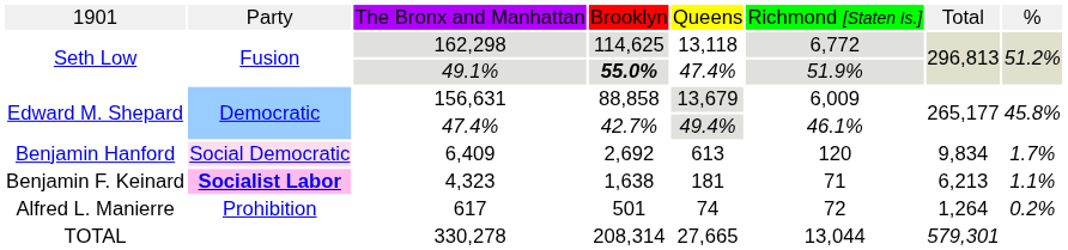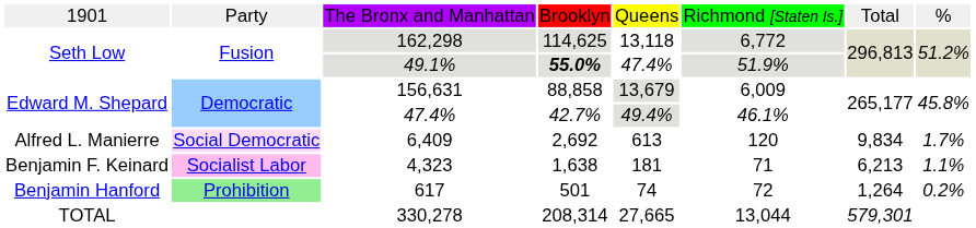 <table style="text-align:center;">
 <tr>
 <td style="background:#f0f0f0;">1901</td>
 <td style="background:#f0f0f0;">Party</td>
 <td style="background:#b000ff;">The Bronx and Manhattan</td>
 <td style="background:red;">Brooklyn</td>
 <td style="background:yellow;">Queens</td>
 <td style="background:lime;">Richmond <small><em>[Staten Is.]</em></small></td>
 <td style="background:#f0f0f0;">Total</td>
 <td style="background:#f0f0f0;">%</td>
 </tr>
 <tr>
 <td rowspan="2"><a href='#'>Seth Low</a></td>
 <td rowspan="2"><a href='#'>Fusion</a></td>
 <td style="background:#e0e0dd;">162,298</td>
 <td style="background:#e0e0dd;">114,625</td>
 <td>13,118</td>
 <td style="background:#e0e0dd;">6,772</td>
 <td rowspan="2" style="background:#e0e0cc;">296,813</td>
 <td rowspan="2" style="background:#e0e0cc;"><em>51.2%</em></td>
 </tr>
 <tr>
 <td style="background:#e0e0dd;"><em>49.1%</em></td>
 <td style="background:#e0e0dd;"><strong><em>55.0%</em></strong></td>
 <td><em>47.4%</em></td>
 <td style="background:#e0e0dd;"><em>51.9%</em></td>
 </tr>
 <tr>
 <td rowspan="2"><a href='#'>Edward M. Shepard</a></td>
 <td rowspan="2" style="background:#9cf;"><a href='#'>Democratic</a></td>
 <td>156,631</td>
 <td>88,858</td>
 <td style="background:#e0e0dd;">13,679</td>
 <td>6,009</td>
 <td rowspan="2">265,177</td>
 <td rowspan="2"><em>45.8%</em></td>
 </tr>
 <tr>
 <td><em>47.4%</em></td>
 <td><em>42.7%</em></td>
 <td style="background:#e0e0dd;"><em>49.4%</em></td>
 <td><em>46.1%</em></td>
 </tr>
 <tr>
-<td><a href='#'>Benjamin Hanford</a></td>
+<td>Alfred L. Manierre</td>
 <td style="background:#fde;"><a href='#'>Social Democratic</a></td>
 <td>6,409</td>
 <td>2,692</td>
 <td>613</td>
 <td>120</td>
 <td>9,834</td>
 <td><em>1.7%</em></td>
 </tr>
 <tr>
 <td>Benjamin F. Keinard</td>
-<td style="background:#fbe;"><strong><a href='#'>Socialist Labor</a></strong></td>
+<td style="background:#fbe;"><a href='#'>Socialist Labor</a></td>
 <td>4,323</td>
 <td>1,638</td>
 <td>181</td>
 <td>71</td>
 <td>6,213</td>
 <td><em>1.1%</em></td>
 </tr>
 <tr>
-<td>Alfred L. Manierre</td>
-<td><a href='#'>Prohibition</a></td>
+<td><a href='#'>Benjamin Hanford</a></td>
+<td style="background: lightgreen;"><a href='#'>Prohibition</a></td>
 <td>617</td>
 <td>501</td>
 <td>74</td>
 <td>72</td>
 <td>1,264</td>
 <td><em>0.2%</em></td>
 </tr>
 <tr>
 <td>TOTAL</td>
 <td></td>
 <td>330,278</td>
 <td>208,314</td>
 <td>27,665</td>
 <td>13,044</td>
 <td><em>579,301</em></td>
 <td></td>
 </tr>
 </table>
